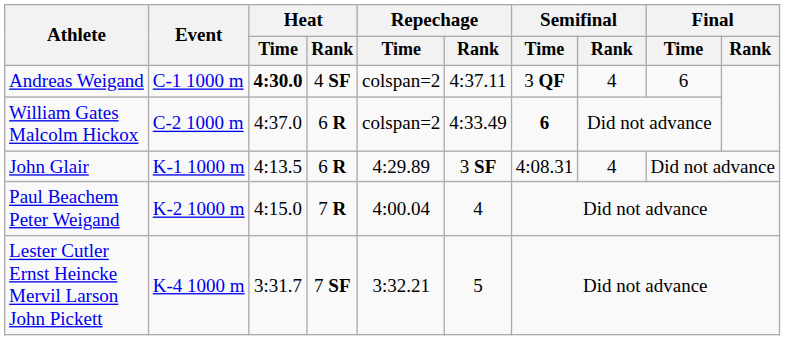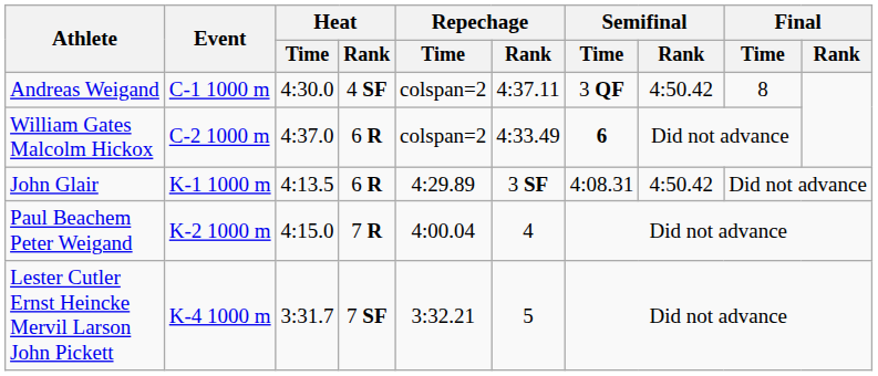 <table class=wikitable style=font-size:90%;text-align:center>
 <tr>
 <th rowspan=2>Athlete</th>
 <th rowspan=2>Event</th>
 <th colspan=2>Heat</th>
 <th colspan=2>Repechage</th>
 <th colspan=2>Semifinal</th>
 <th colspan=2>Final</th>
 </tr>
 <tr style=font-size:95%>
 <th>Time</th>
 <th>Rank</th>
 <th>Time</th>
 <th>Rank</th>
 <th>Time</th>
 <th>Rank</th>
 <th>Time</th>
 <th>Rank</th>
 </tr>
 <tr>
 <td align=left><a href='#'>Andreas Weigand</a></td>
 <td align=left><a href='#'>C-1 1000 m</a></td>
-<td><strong>4:30.0</strong></td>
+<td>4:30.0</td>
 <td>4 <strong>SF</strong></td>
 <td>colspan=2 </td>
 <td>4:37.11</td>
 <td>3 <strong>QF</strong></td>
-<td>4</td>
-<td>6</td>
+<td>4:50.42</td>
+<td>8</td>
 </tr>
 <tr>
 <td align=left><a href='#'>William Gates</a><br><a href='#'>Malcolm Hickox</a></td>
 <td align=left><a href='#'>C-2 1000 m</a></td>
 <td>4:37.0</td>
 <td>6 <strong>R</strong></td>
 <td>colspan=2 </td>
 <td>4:33.49</td>
 <td><strong>6</strong></td>
 <td colspan=2>Did not advance</td>
 </tr>
 <tr>
 <td align=left><a href='#'>John Glair</a></td>
 <td align=left><a href='#'>K-1 1000 m</a></td>
 <td>4:13.5</td>
 <td>6 <strong>R</strong></td>
 <td>4:29.89</td>
 <td>3 <strong>SF</strong></td>
 <td>4:08.31</td>
-<td>4</td>
+<td>4:50.42</td>
 <td colspan=2>Did not advance</td>
 </tr>
 <tr>
 <td align=left><a href='#'>Paul Beachem</a><br><a href='#'>Peter Weigand</a></td>
 <td align=left><a href='#'>K-2 1000 m</a></td>
 <td>4:15.0</td>
 <td>7 <strong>R</strong></td>
 <td>4:00.04</td>
 <td>4</td>
 <td colspan=4>Did not advance</td>
 </tr>
 <tr>
 <td align=left><a href='#'>Lester Cutler</a><br><a href='#'>Ernst Heincke</a><br><a href='#'>Mervil Larson</a><br><a href='#'>John Pickett</a></td>
 <td align=left><a href='#'>K-4 1000 m</a></td>
 <td>3:31.7</td>
 <td>7 <strong>SF</strong></td>
 <td>3:32.21</td>
 <td>5</td>
 <td colspan=4>Did not advance</td>
 </tr>
 </table>
